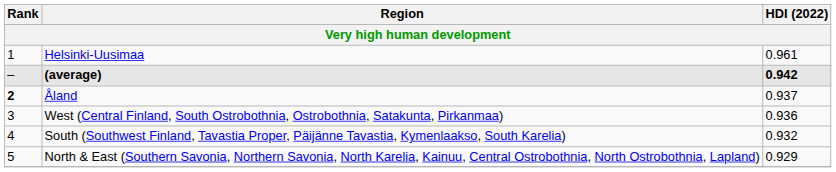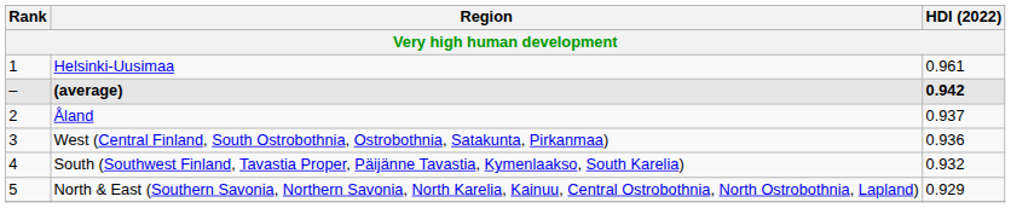 <table class="wikitable sortable">
 <tr>
 <th>Rank</th>
 <th>Region</th>
 <th>HDI (2022)</th>
 </tr>
 <tr>
 <th colspan="3" style="color:#090;">Very high human development</th>
 </tr>
 <tr>
 <td>1</td>
 <td><a href='#'>Helsinki-Uusimaa</a></td>
 <td>0.961</td>
 </tr>
 <tr style="background:#e6e6e6">
 <td>–</td>
 <td><strong></strong> <strong>(average)</strong></td>
 <td><strong>0.942</strong></td>
 </tr>
 <tr>
-<td><strong>2</strong></td>
+<td>2</td>
 <td><a href='#'>Åland</a></td>
 <td>0.937</td>
 </tr>
 <tr>
 <td>3</td>
 <td>West (<a href='#'>Central Finland</a>, <a href='#'>South Ostrobothnia</a>, <a href='#'>Ostrobothnia</a>, <a href='#'>Satakunta</a>, <a href='#'>Pirkanmaa</a>)</td>
 <td>0.936</td>
 </tr>
 <tr>
 <td>4</td>
 <td>South (<a href='#'>Southwest Finland</a>, <a href='#'>Tavastia Proper</a>, <a href='#'>Päijänne Tavastia</a>, <a href='#'>Kymenlaakso</a>, <a href='#'>South Karelia</a>)</td>
 <td>0.932</td>
 </tr>
 <tr>
 <td>5</td>
 <td>North & East (<a href='#'>Southern Savonia</a>, <a href='#'>Northern Savonia</a>, <a href='#'>North Karelia</a>, <a href='#'>Kainuu</a>, <a href='#'>Central Ostrobothnia</a>, <a href='#'>North Ostrobothnia</a>, <a href='#'>Lapland</a>)</td>
 <td>0.929</td>
 </tr>
 <tr>
 </tr>
 </table>
